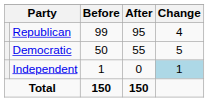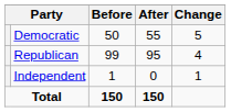 <table class="wikitable" style="text-align:center;">
 <tr>
 </tr>
 <tr>
 <th colspan=2>Party</th>
 <th>Before</th>
 <th>After</th>
 <th>Change</th>
 </tr>
 <tr>
 <th style="background-color:"></th>
+<td style="text-align:left;"><a href='#'>Democratic</a></td>
+<td>50</td>
+<td>55</td>
+<td> 5</td>
+</tr>
+<tr>
+<th style="background-color:"></th>
 <td style="text-align:left;"><a href='#'>Republican</a></td>
 <td>99</td>
 <td>95</td>
 <td> 4</td>
 </tr>
 <tr>
 <th style="background-color:"></th>
-<td style="text-align:left;"><a href='#'>Democratic</a></td>
-<td>50</td>
-<td>55</td>
-<td> 5</td>
-</tr>
-<tr>
-<th style="background-color:"></th>
 <td style="text-align:left;"><a href='#'>Independent</a></td>
 <td>1</td>
 <td>0</td>
-<td style="background: lightblue;"> 1</td>
+<td> 1</td>
 </tr>
 <tr>
 <td colspan=2><strong>Total</strong></td>
 <td><strong>150</strong></td>
 <td><strong>150</strong></td>
 <td></td>
 </tr>
 </table>
